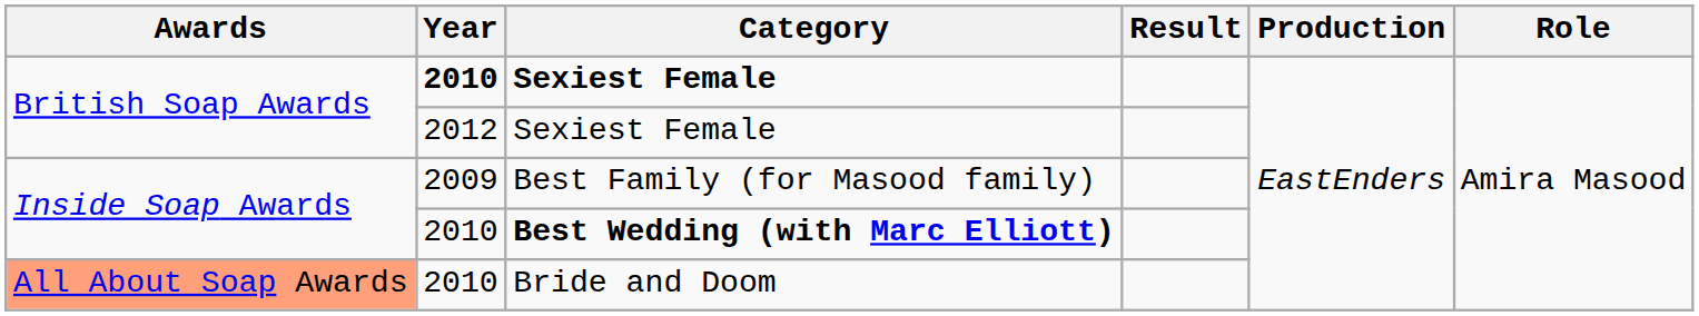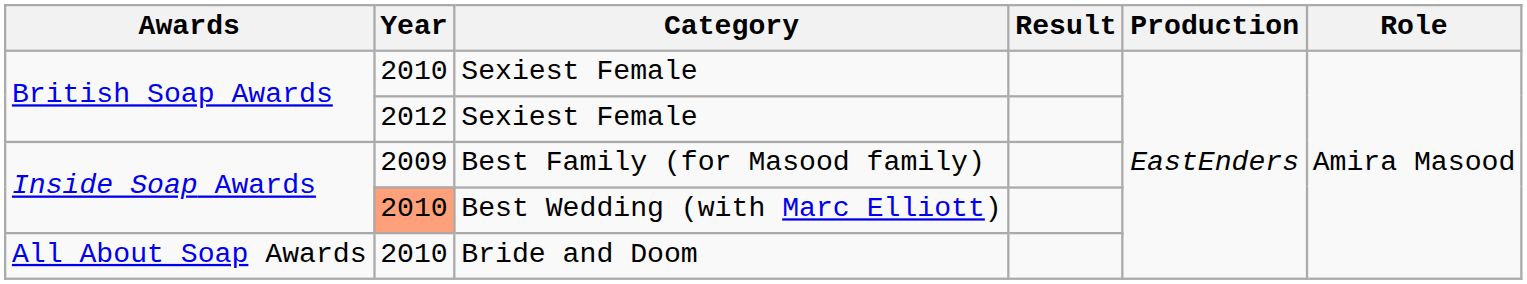 <table class="wikitable" style="font-size: 95%">
 <tr>
 <th>Awards</th>
 <th>Year</th>
 <th>Category</th>
 <th>Result</th>
 <th>Production</th>
 <th>Role</th>
 </tr>
 <tr>
 <td rowspan="2"><a href='#'>British Soap Awards</a></td>
-<td><strong>2010</strong></td>
-<td><strong>Sexiest Female</strong></td>
+<td>2010</td>
+<td>Sexiest Female</td>
 <td></td>
 <td rowspan="5"><em>EastEnders</em></td>
 <td rowspan="5">Amira Masood</td>
 </tr>
 <tr>
 <td>2012</td>
 <td>Sexiest Female</td>
 <td></td>
 </tr>
 <tr>
 <td rowspan="2"><a href='#'><em>Inside Soap</em> Awards</a></td>
 <td>2009</td>
 <td>Best Family (for Masood family)</td>
 <td></td>
 </tr>
 <tr>
-<td>2010</td>
-<td><strong>Best Wedding (with <a href='#'>Marc Elliott</a>)</strong></td>
+<td style="background: lightsalmon;">2010</td>
+<td>Best Wedding (with <a href='#'>Marc Elliott</a>)</td>
 <td></td>
 </tr>
 <tr>
-<td style="background: lightsalmon;"><a href='#'>All About Soap</a> Awards</td>
+<td><a href='#'>All About Soap</a> Awards</td>
 <td>2010</td>
 <td>Bride and Doom</td>
 <td></td>
 </tr>
 </table>
